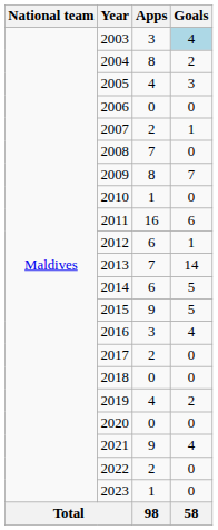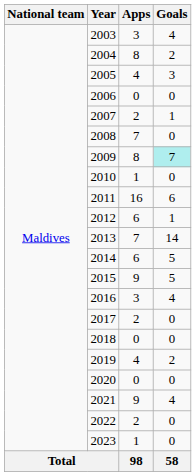 <table class="wikitable" style="text-align:center">
 <tr>
 <th>National team</th>
 <th>Year</th>
 <th>Apps</th>
 <th>Goals</th>
 </tr>
 <tr>
 <td rowspan="21"><a href='#'>Maldives</a></td>
 <td>2003</td>
 <td>3</td>
-<td style="background: lightblue;">4</td>
+<td>4</td>
 </tr>
 <tr>
 <td>2004</td>
 <td>8</td>
 <td>2</td>
 </tr>
 <tr>
 <td>2005</td>
 <td>4</td>
 <td>3</td>
 </tr>
 <tr>
 <td>2006</td>
 <td>0</td>
 <td>0</td>
 </tr>
 <tr>
 <td>2007</td>
 <td>2</td>
 <td>1</td>
 </tr>
 <tr>
 <td>2008</td>
 <td>7</td>
 <td>0</td>
 </tr>
 <tr>
 <td>2009</td>
 <td>8</td>
-<td>7</td>
+<td style="background: paleturquoise;">7</td>
 </tr>
 <tr>
 <td>2010</td>
 <td>1</td>
 <td>0</td>
 </tr>
 <tr>
 <td>2011</td>
 <td>16</td>
 <td>6</td>
 </tr>
 <tr>
 <td>2012</td>
 <td>6</td>
 <td>1</td>
 </tr>
 <tr>
 <td>2013</td>
 <td>7</td>
 <td>14</td>
 </tr>
 <tr>
 <td>2014</td>
 <td>6</td>
 <td>5</td>
 </tr>
 <tr>
 <td>2015</td>
 <td>9</td>
 <td>5</td>
 </tr>
 <tr>
 <td>2016</td>
 <td>3</td>
 <td>4</td>
 </tr>
 <tr>
 <td>2017</td>
 <td>2</td>
 <td>0</td>
 </tr>
 <tr>
 <td>2018</td>
 <td>0</td>
 <td>0</td>
 </tr>
 <tr>
 <td>2019</td>
 <td>4</td>
 <td>2</td>
 </tr>
 <tr>
 <td>2020</td>
 <td>0</td>
 <td>0</td>
 </tr>
 <tr>
 <td>2021</td>
 <td>9</td>
 <td>4</td>
 </tr>
 <tr>
 <td>2022</td>
 <td>2</td>
 <td>0</td>
 </tr>
 <tr>
 <td>2023</td>
 <td>1</td>
 <td>0</td>
 </tr>
 <tr>
 <th colspan="2">Total</th>
 <th>98</th>
 <th>58</th>
 </tr>
 </table>
